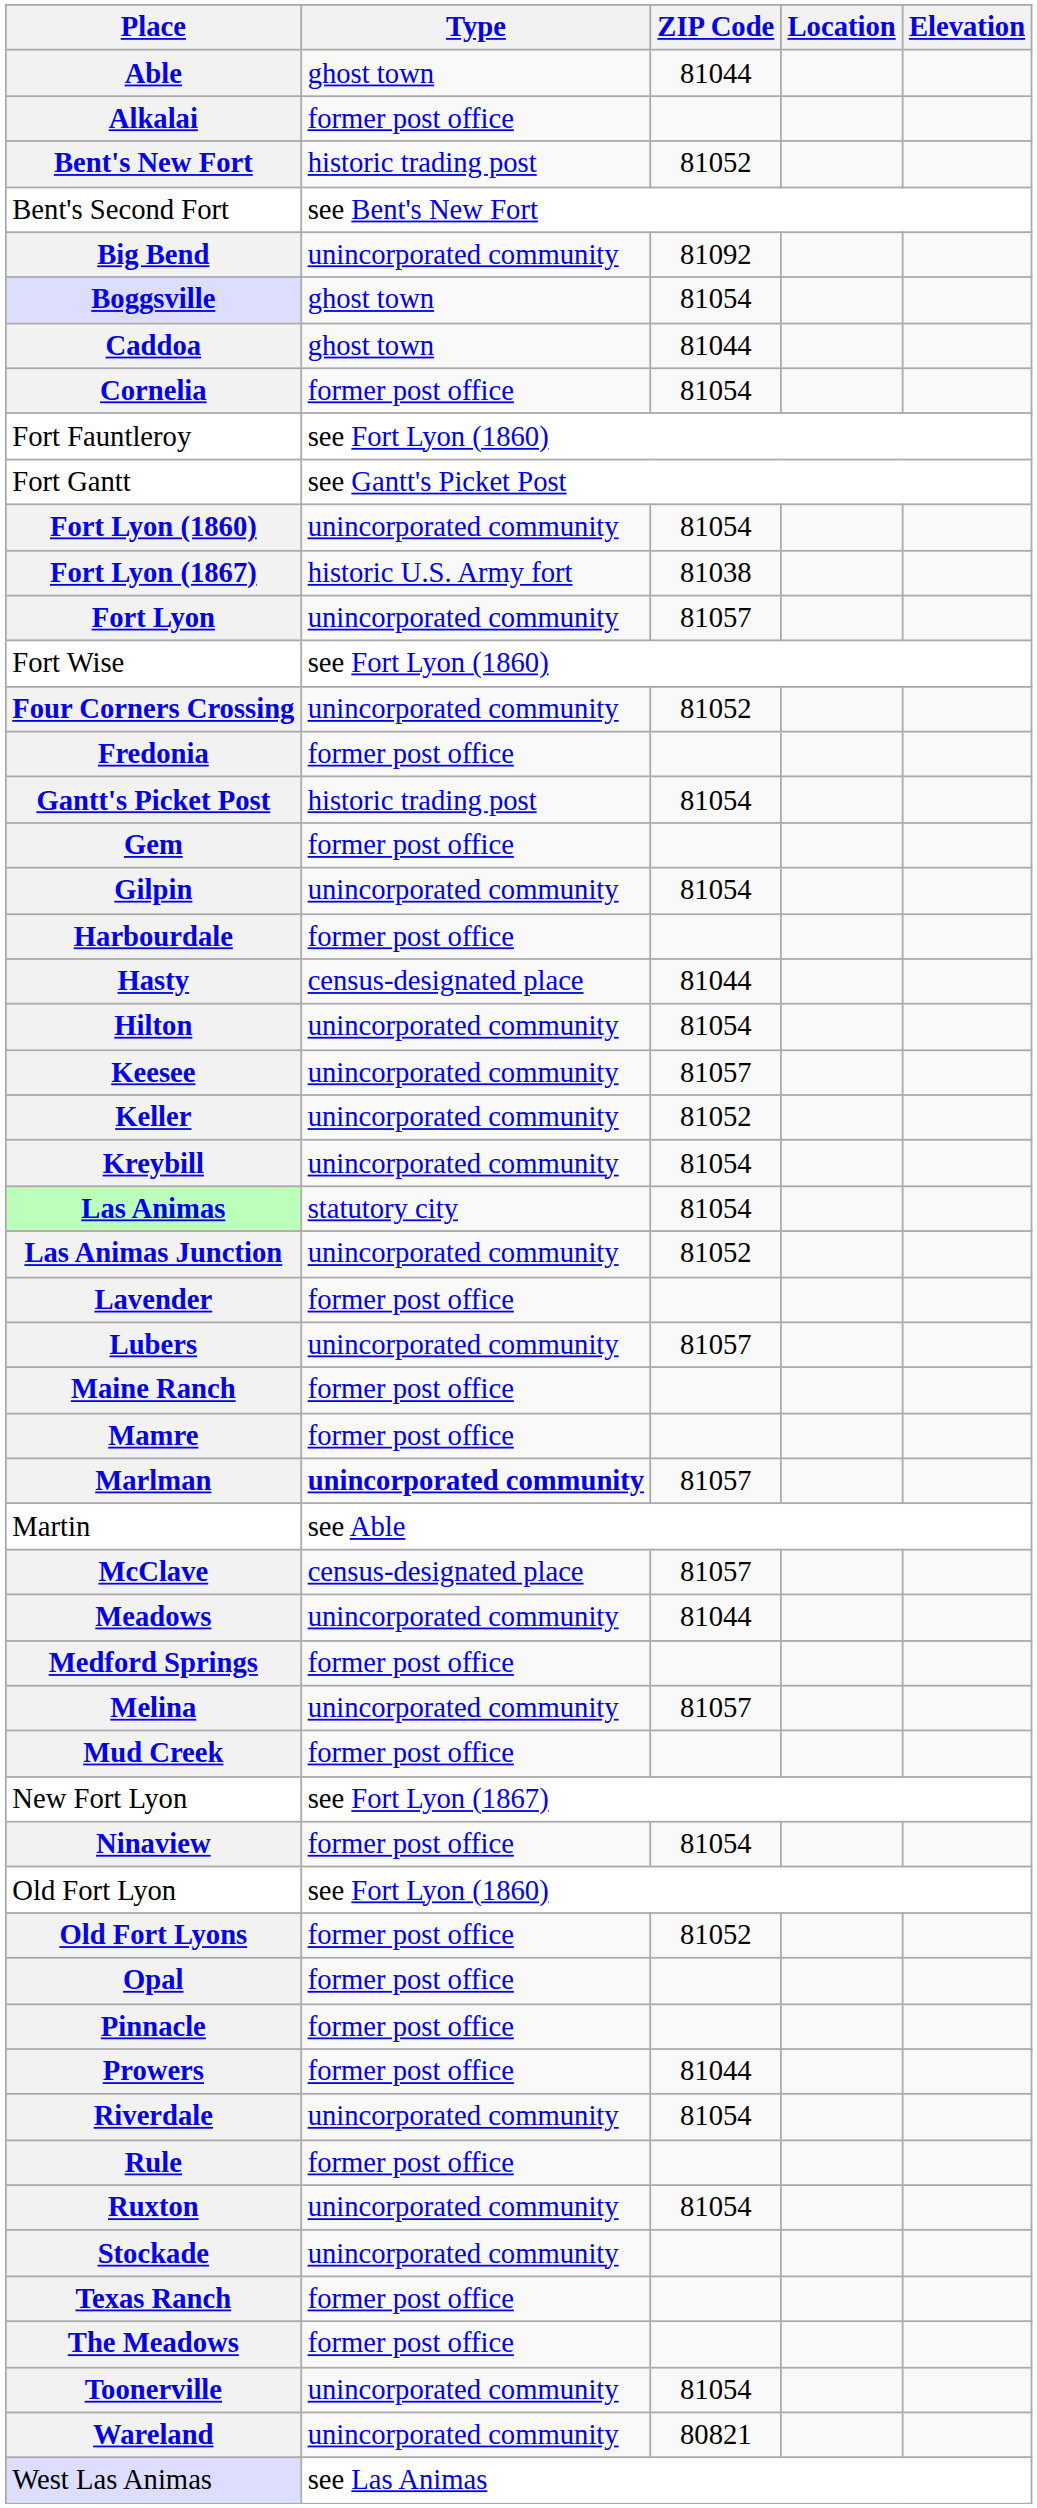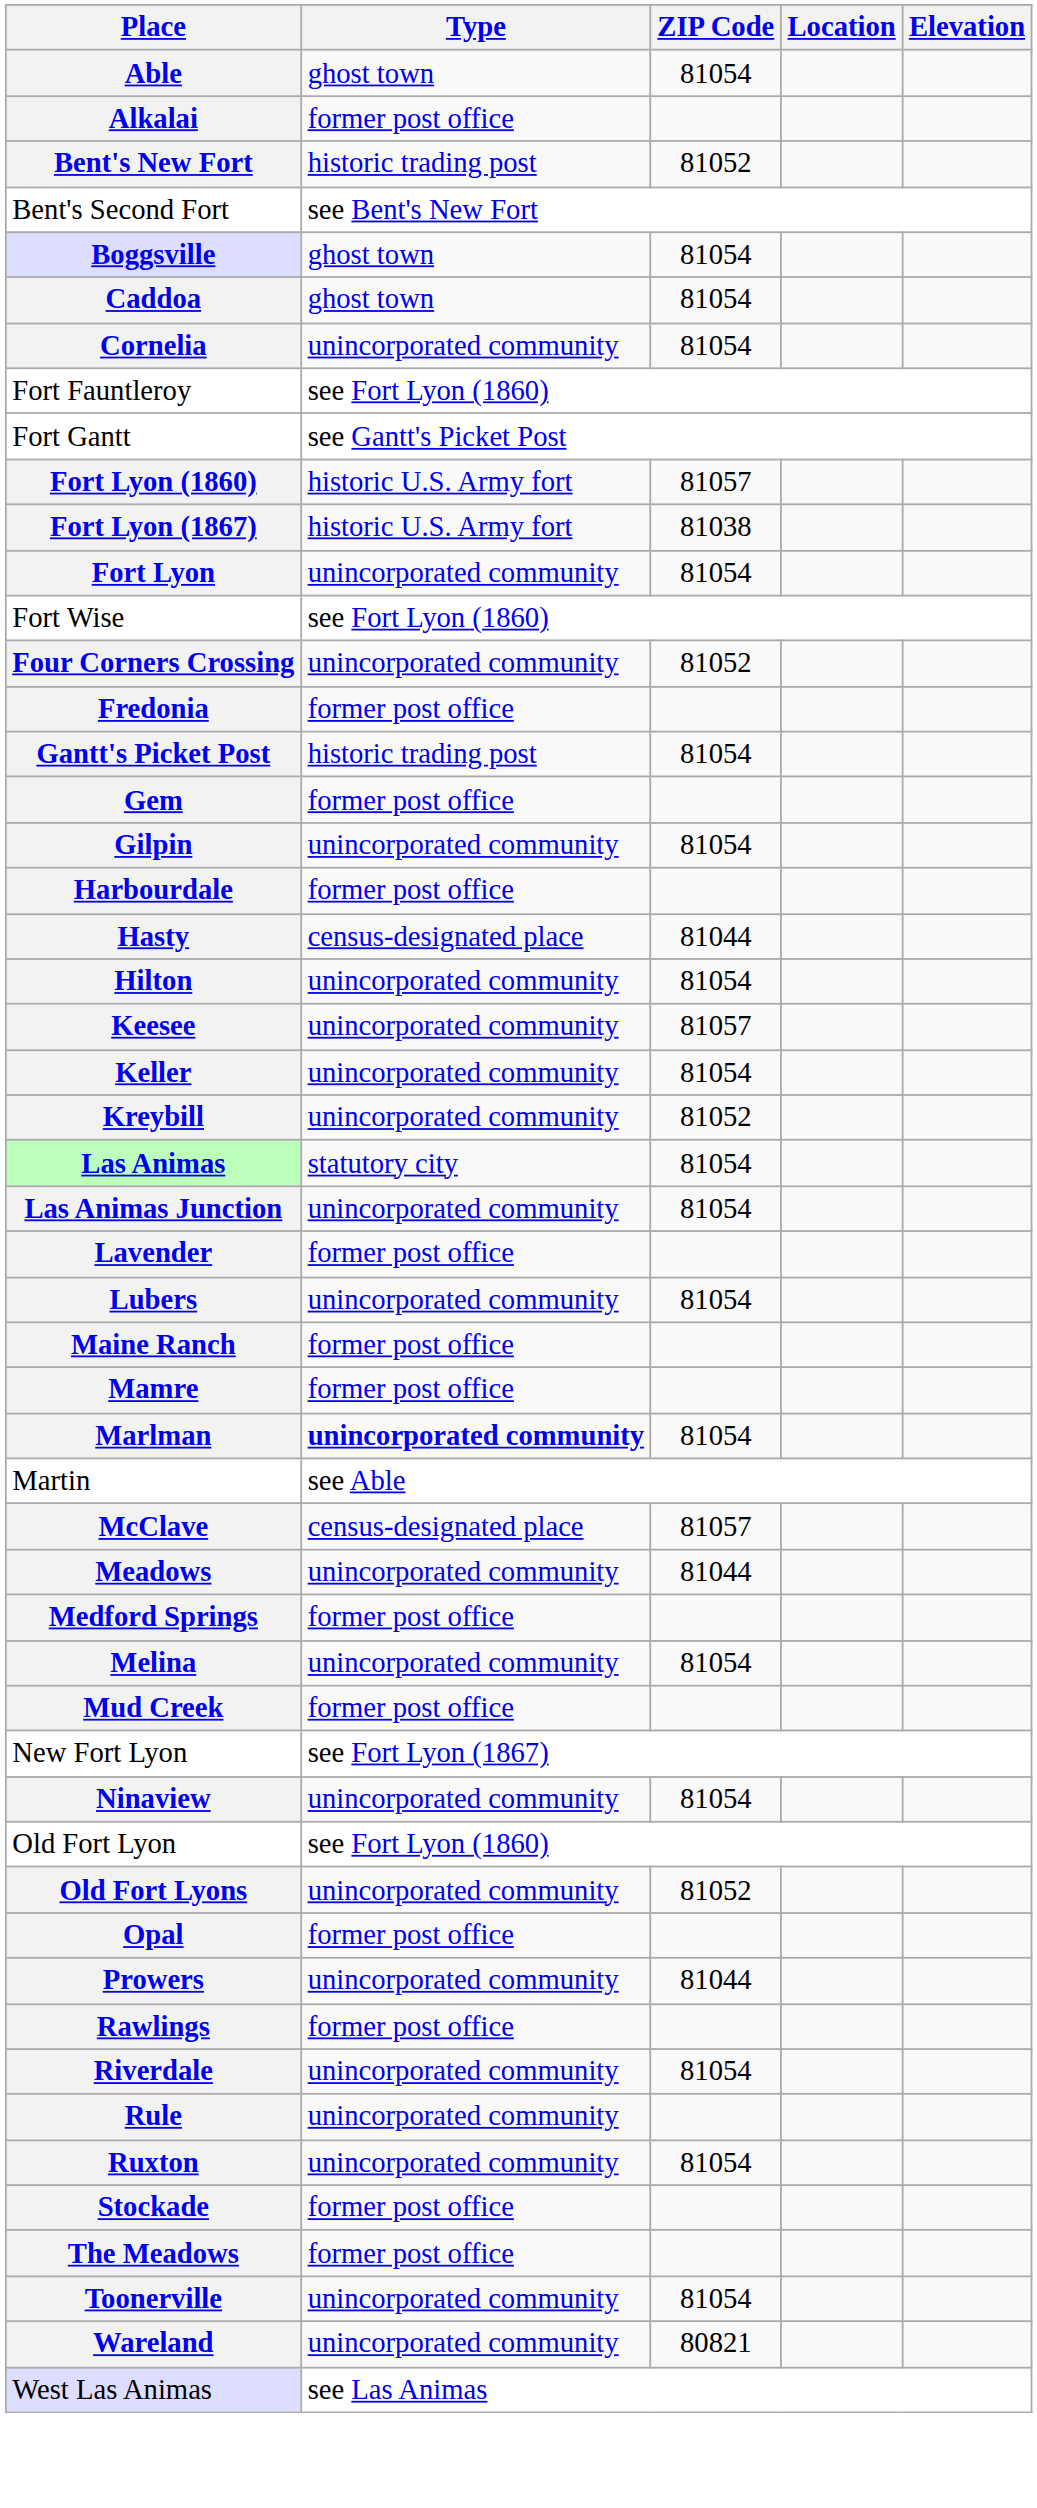 <table class="wikitable sortable  plainrowheaders" style="margin:auto;">
 <tr>
 <th scope=col><a href='#'>Place</a></th>
 <th scope=col><a href='#'>Type</a></th>
 <th scope=col><a href='#'>ZIP Code</a></th>
 <th scope=col><a href='#'>Location</a></th>
 <th scope=col><a href='#'>Elevation</a></th>
 </tr>
 <tr>
 <th scope=row><a href='#'>Able</a></th>
 <td><a href='#'>ghost town</a></td>
-<td align=center>81044</td>
+<td align=center>81054</td>
 <td></td>
 <td align=right></td>
 </tr>
 <tr>
 <th scope=row><a href='#'>Alkalai</a></th>
 <td><a href='#'>former post office</a></td>
 <td align=center></td>
 <td></td>
 <td></td>
 </tr>
 <tr>
 <th scope=row><a href='#'>Bent's New Fort</a></th>
 <td><a href='#'>historic trading post</a></td>
 <td align=center>81052</td>
 <td></td>
 <td></td>
 </tr>
 <tr bgcolor=white>
 <td>Bent's Second Fort</td>
 <td colspan=4>see <a href='#'>Bent's New Fort</a></td>
 </tr>
 <tr>
-<th scope=row><a href='#'>Big Bend</a></th>
-<td><a href='#'>unincorporated community</a></td>
-<td align=center>81092</td>
-<td></td>
-<td align=right></td>
-</tr>
-<tr>
 <th scope=row style="background:#DDDDFF;"><a href='#'>Boggsville</a></th>
 <td><a href='#'>ghost town</a></td>
 <td align=center>81054</td>
 <td></td>
 <td align=right></td>
 </tr>
 <tr>
 <th scope=row><a href='#'>Caddoa</a></th>
 <td><a href='#'>ghost town</a></td>
-<td align=center>81044</td>
+<td align=center>81054</td>
 <td></td>
 <td align=right></td>
 </tr>
 <tr>
 <th scope=row><a href='#'>Cornelia</a></th>
-<td><a href='#'>former post office</a></td>
+<td><a href='#'>unincorporated community</a></td>
 <td align=center>81054</td>
 <td></td>
 <td align=right></td>
 </tr>
 <tr bgcolor=white>
 <td>Fort Fauntleroy</td>
 <td colspan=4>see <a href='#'>Fort Lyon (1860)</a></td>
 </tr>
 <tr bgcolor=white>
 <td>Fort Gantt</td>
 <td colspan=4>see <a href='#'>Gantt's Picket Post</a></td>
 </tr>
 <tr>
 <th scope=row><a href='#'>Fort Lyon (1860)</a></th>
-<td><a href='#'>unincorporated community</a></td>
-<td align=center>81054</td>
+<td><a href='#'>historic U.S. Army fort</a></td>
+<td align=center>81057</td>
 <td></td>
 <td></td>
 </tr>
 <tr>
 <th scope=row><a href='#'>Fort Lyon (1867)</a></th>
 <td><a href='#'>historic U.S. Army fort</a></td>
 <td align=center>81038</td>
 <td></td>
 <td></td>
 </tr>
 <tr>
 <th scope=row><a href='#'>Fort Lyon</a></th>
 <td><a href='#'>unincorporated community</a></td>
-<td align=center>81057</td>
+<td align=center>81054</td>
 <td></td>
 <td align=right></td>
 </tr>
 <tr bgcolor=white>
 <td>Fort Wise</td>
 <td colspan=4>see <a href='#'>Fort Lyon (1860)</a></td>
 </tr>
 <tr>
 <th scope=row><a href='#'>Four Corners Crossing</a></th>
 <td><a href='#'>unincorporated community</a></td>
 <td align=center>81052</td>
 <td></td>
 <td align=right></td>
 </tr>
 <tr>
 <th scope=row><a href='#'>Fredonia</a></th>
 <td><a href='#'>former post office</a></td>
 <td align=center></td>
 <td></td>
 <td></td>
 </tr>
 <tr>
 <th scope=row><a href='#'>Gantt's Picket Post</a></th>
 <td><a href='#'>historic trading post</a></td>
 <td align=center>81054</td>
 <td></td>
 <td></td>
 </tr>
 <tr>
 <th scope=row><a href='#'>Gem</a></th>
 <td><a href='#'>former post office</a></td>
 <td align=center></td>
 <td></td>
 <td></td>
 </tr>
 <tr>
 <th scope=row><a href='#'>Gilpin</a></th>
 <td><a href='#'>unincorporated community</a></td>
 <td align=center>81054</td>
 <td></td>
 <td align=right></td>
 </tr>
 <tr>
 <th scope=row><a href='#'>Harbourdale</a></th>
 <td><a href='#'>former post office</a></td>
 <td align=center></td>
 <td></td>
 <td></td>
 </tr>
 <tr>
 <th scope=row><a href='#'>Hasty</a></th>
 <td><a href='#'>census-designated place</a></td>
 <td align=center>81044</td>
 <td></td>
 <td align=right></td>
 </tr>
 <tr>
 <th scope=row><a href='#'>Hilton</a></th>
 <td><a href='#'>unincorporated community</a></td>
 <td align=center>81054</td>
 <td></td>
 <td align=right></td>
 </tr>
 <tr>
 <th scope=row><a href='#'>Keesee</a></th>
 <td><a href='#'>unincorporated community</a></td>
 <td align=center>81057</td>
 <td></td>
 <td align=right></td>
 </tr>
 <tr>
 <th scope=row><a href='#'>Keller</a></th>
 <td><a href='#'>unincorporated community</a></td>
-<td align=center>81052</td>
+<td align=center>81054</td>
 <td></td>
 <td align=right></td>
 </tr>
 <tr>
 <th scope=row><a href='#'>Kreybill</a></th>
 <td><a href='#'>unincorporated community</a></td>
-<td align=center>81054</td>
+<td align=center>81052</td>
 <td></td>
 <td align=right></td>
 </tr>
 <tr>
 <th scope=row style="background:#BBFFBB;"><a href='#'>Las Animas</a></th>
 <td><a href='#'>statutory city</a></td>
 <td align=center>81054</td>
 <td></td>
 <td align=right></td>
 </tr>
 <tr>
 <th scope=row><a href='#'>Las Animas Junction</a></th>
 <td><a href='#'>unincorporated community</a></td>
-<td align=center>81052</td>
+<td align=center>81054</td>
 <td></td>
 <td align=right></td>
 </tr>
 <tr>
 <th scope=row><a href='#'>Lavender</a></th>
 <td><a href='#'>former post office</a></td>
 <td align=center></td>
 <td></td>
 <td></td>
 </tr>
 <tr>
 <th scope=row><a href='#'>Lubers</a></th>
 <td><a href='#'>unincorporated community</a></td>
-<td align=center>81057</td>
+<td align=center>81054</td>
 <td></td>
 <td align=right></td>
 </tr>
 <tr>
 <th scope=row><a href='#'>Maine Ranch</a></th>
 <td><a href='#'>former post office</a></td>
 <td align=center></td>
 <td></td>
 <td></td>
 </tr>
 <tr>
 <th scope=row><a href='#'>Mamre</a></th>
 <td><a href='#'>former post office</a></td>
 <td align=center></td>
 <td></td>
 <td></td>
 </tr>
 <tr>
 <th scope=row><a href='#'>Marlman</a></th>
 <td><strong><a href='#'>unincorporated community</a></strong></td>
-<td align=center>81057</td>
+<td align=center>81054</td>
 <td></td>
 <td align=right></td>
 </tr>
 <tr bgcolor=white>
 <td>Martin</td>
 <td colspan=4>see <a href='#'>Able</a></td>
 </tr>
 <tr>
 <th scope=row><a href='#'>McClave</a></th>
 <td><a href='#'>census-designated place</a></td>
 <td align=center>81057</td>
 <td></td>
 <td align=right></td>
 </tr>
 <tr>
 <th scope=row><a href='#'>Meadows</a></th>
 <td><a href='#'>unincorporated community</a></td>
 <td align=center>81044</td>
 <td></td>
 <td></td>
 </tr>
 <tr>
 <th scope=row><a href='#'>Medford Springs</a></th>
 <td><a href='#'>former post office</a></td>
 <td align=center></td>
 <td></td>
 <td></td>
 </tr>
 <tr>
 <th scope=row><a href='#'>Melina</a></th>
 <td><a href='#'>unincorporated community</a></td>
-<td align=center>81057</td>
+<td align=center>81054</td>
 <td></td>
 <td align=right></td>
 </tr>
 <tr>
 <th scope=row><a href='#'>Mud Creek</a></th>
 <td><a href='#'>former post office</a></td>
 <td align=center></td>
 <td></td>
 <td></td>
 </tr>
 <tr bgcolor=white>
 <td>New Fort Lyon</td>
 <td colspan=4>see <a href='#'>Fort Lyon (1867)</a></td>
 </tr>
 <tr>
 <th scope=row><a href='#'>Ninaview</a></th>
-<td><a href='#'>former post office</a></td>
+<td><a href='#'>unincorporated community</a></td>
 <td align=center>81054</td>
 <td></td>
 <td align=right></td>
 </tr>
 <tr bgcolor=white>
 <td>Old Fort Lyon</td>
 <td colspan=4>see <a href='#'>Fort Lyon (1860)</a></td>
 </tr>
 <tr>
 <th scope=row><a href='#'>Old Fort Lyons</a></th>
-<td><a href='#'>former post office</a></td>
+<td><a href='#'>unincorporated community</a></td>
 <td align=center>81052</td>
 <td></td>
 <td align=right></td>
 </tr>
 <tr>
 <th scope=row><a href='#'>Opal</a></th>
 <td><a href='#'>former post office</a></td>
 <td align=center></td>
 <td></td>
 <td></td>
 </tr>
 <tr>
-<th scope=row><a href='#'>Pinnacle</a></th>
+<th scope=row><a href='#'>Prowers</a></th>
+<td><a href='#'>unincorporated community</a></td>
+<td align=center>81044</td>
+<td></td>
+<td align=right></td>
+</tr>
+<tr>
+<th scope=row><a href='#'>Rawlings</a></th>
 <td><a href='#'>former post office</a></td>
 <td align=center></td>
 <td></td>
 <td></td>
-</tr>
-<tr>
-<th scope=row><a href='#'>Prowers</a></th>
-<td><a href='#'>former post office</a></td>
-<td align=center>81044</td>
-<td></td>
-<td align=right></td>
 </tr>
 <tr>
 <th scope=row><a href='#'>Riverdale</a></th>
 <td><a href='#'>unincorporated community</a></td>
 <td align=center>81054</td>
 <td></td>
 <td align=right></td>
 </tr>
 <tr>
 <th scope=row><a href='#'>Rule</a></th>
-<td><a href='#'>former post office</a></td>
+<td><a href='#'>unincorporated community</a></td>
 <td align=center></td>
 <td></td>
 <td></td>
 </tr>
 <tr>
 <th scope=row><a href='#'>Ruxton</a></th>
 <td><a href='#'>unincorporated community</a></td>
 <td align=center>81054</td>
 <td></td>
 <td align=right></td>
 </tr>
 <tr>
 <th scope=row><a href='#'>Stockade</a></th>
-<td><a href='#'>unincorporated community</a></td>
-<td align=center></td>
-<td></td>
-<td></td>
-</tr>
-<tr>
-<th scope=row><a href='#'>Texas Ranch</a></th>
 <td><a href='#'>former post office</a></td>
 <td align=center></td>
 <td></td>
 <td></td>
 </tr>
 <tr>
 <th scope=row><a href='#'>The Meadows</a></th>
 <td><a href='#'>former post office</a></td>
 <td align=center></td>
 <td></td>
 <td></td>
 </tr>
 <tr>
 <th scope=row><a href='#'>Toonerville</a></th>
 <td><a href='#'>unincorporated community</a></td>
 <td align=center>81054</td>
 <td></td>
 <td align=right></td>
 </tr>
 <tr>
 <th scope=row><a href='#'>Wareland</a></th>
 <td><a href='#'>unincorporated community</a></td>
 <td align=center>80821</td>
 <td></td>
 <td align=right></td>
 </tr>
 <tr bgcolor=white>
 <td style="background:#DDDDFF;">West Las Animas</td>
 <td colspan=4>see <a href='#'>Las Animas</a></td>
 </tr>
 </table>
